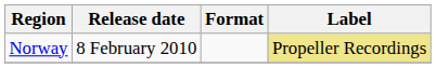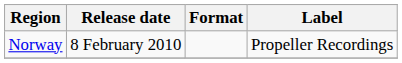 <table class="wikitable">
 <tr>
 <th>Region</th>
 <th>Release date</th>
 <th>Format</th>
 <th>Label</th>
 </tr>
 <tr>
 <td><a href='#'>Norway</a></td>
 <td>8 February 2010</td>
 <td></td>
-<td style="background: khaki;">Propeller Recordings</td>
+<td>Propeller Recordings</td>
 </tr>
 <tr>
 </tr>
 </table>
